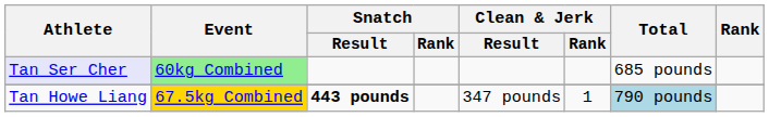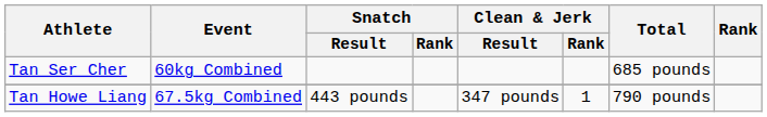 <table class="wikitable" style="font-size:90%">
 <tr>
 <th rowspan="2">Athlete</th>
 <th rowspan="2">Event</th>
 <th colspan="2">Snatch</th>
 <th colspan="2">Clean & Jerk</th>
 <th rowspan="2">Total</th>
 <th rowspan="2">Rank</th>
 </tr>
 <tr style="font-size:95%">
 <th>Result</th>
 <th>Rank</th>
 <th>Result</th>
 <th>Rank</th>
 </tr>
 <tr align="center">
-<td align="left" style="background: lavender;"><a href='#'>Tan Ser Cher</a></td>
-<td align="left" style="background: lightgreen;"><a href='#'>60kg Combined</a></td>
+<td align="left"><a href='#'>Tan Ser Cher</a></td>
+<td align="left"><a href='#'>60kg Combined</a></td>
 <td></td>
 <td></td>
 <td></td>
 <td></td>
 <td>685 pounds</td>
 <td></td>
 </tr>
 <tr>
 </tr>
 <tr align="center">
 <td><a href='#'>Tan Howe Liang</a></td>
-<td style="background: gold;"><a href='#'>67.5kg Combined</a></td>
-<td><strong>443 pounds</strong></td>
+<td><a href='#'>67.5kg Combined</a></td>
+<td>443 pounds</td>
 <td></td>
 <td>347 pounds</td>
 <td>1</td>
-<td style="background: lightblue;">790 pounds</td>
+<td>790 pounds</td>
 <td></td>
 </tr>
 </table>
